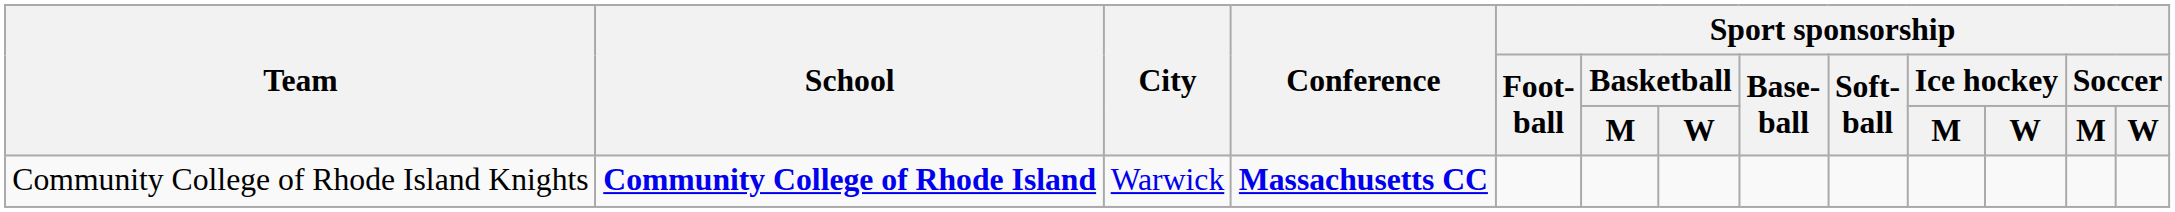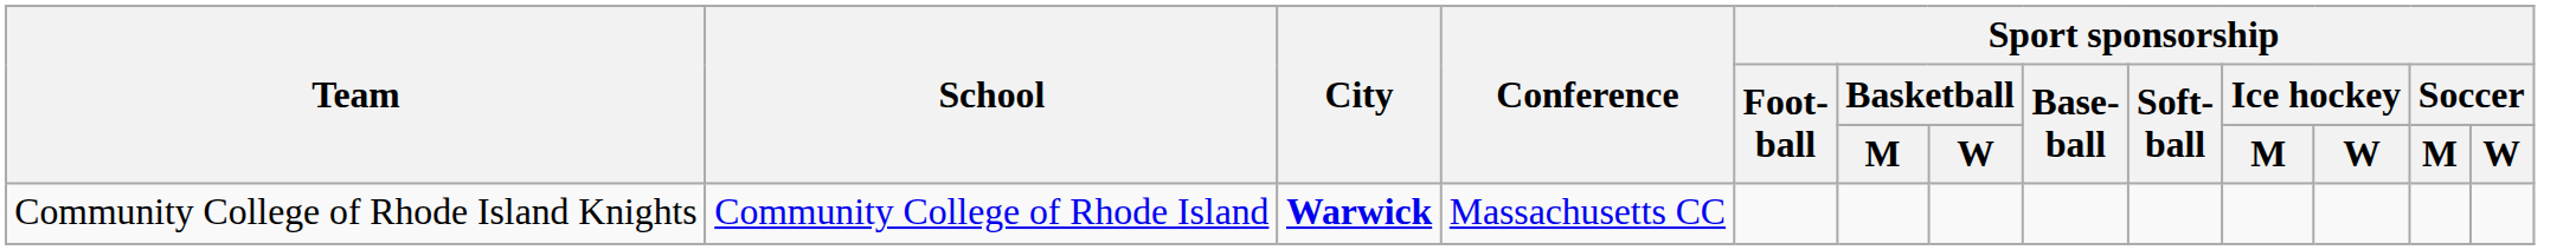 <table class="sortable wikitable">
 <tr>
 <th rowspan=3>Team</th>
 <th rowspan=3>School</th>
 <th rowspan=3>City</th>
 <th rowspan=3>Conference</th>
 <th colspan=9>Sport sponsorship</th>
 </tr>
 <tr>
 <th rowspan=2>Foot-<br>ball</th>
 <th colspan=2>Basketball</th>
 <th rowspan=2>Base-<br>ball</th>
 <th rowspan=2>Soft-<br>ball</th>
 <th colspan=2>Ice hockey</th>
 <th colspan=2>Soccer</th>
 </tr>
 <tr>
 <th>M</th>
 <th>W</th>
 <th>M</th>
 <th>W</th>
 <th>M</th>
 <th>W</th>
 </tr>
 <tr>
 <td>Community College of Rhode Island Knights</td>
-<td><strong><a href='#'>Community College of Rhode Island</a></strong></td>
-<td><a href='#'>Warwick</a></td>
-<td><strong><a href='#'>Massachusetts CC</a></strong></td>
+<td><a href='#'>Community College of Rhode Island</a></td>
+<td><strong><a href='#'>Warwick</a></strong></td>
+<td><a href='#'>Massachusetts CC</a></td>
 <td></td>
 <td></td>
 <td></td>
 <td></td>
 <td></td>
 <td></td>
 <td></td>
 <td></td>
 <td></td>
 </tr>
 </table>
